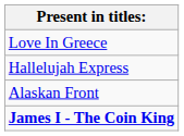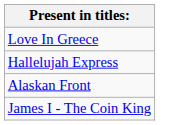 <table class="wikitable">
 <tr>
 <th>Present in titles:</th>
 </tr>
 <tr>
 <td><a href='#'>Love In Greece</a></td>
 </tr>
 <tr>
 <td><a href='#'>Hallelujah Express</a></td>
 </tr>
 <tr>
 <td><a href='#'>Alaskan Front</a></td>
 </tr>
 <tr>
-<td><strong><a href='#'>James I - The Coin King</a></strong></td>
+<td><a href='#'>James I - The Coin King</a></td>
 </tr>
 </table>
